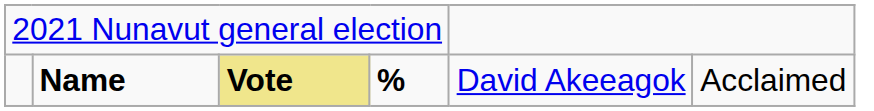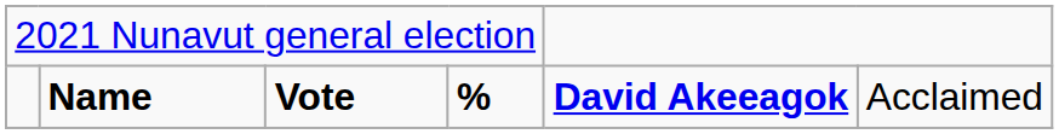 <table class="wikitable">
 <tr>
 <td colspan=4 align=center><a href='#'>2021 Nunavut general election</a></td>
 </tr>
 <tr>
 <td></td>
 <td><strong>Name</strong></td>
-<td style="background: khaki;"><strong>Vote</strong></td>
+<td><strong>Vote</strong></td>
 <td><strong>%</strong><br></td>
-<td><a href='#'>David Akeeagok</a></td>
+<td><strong><a href='#'>David Akeeagok</a></strong></td>
 <td colspan="2">Acclaimed</td>
 </tr>
 </table>
